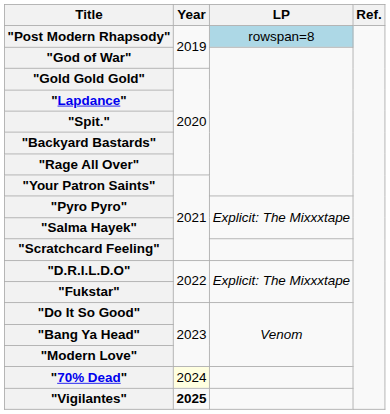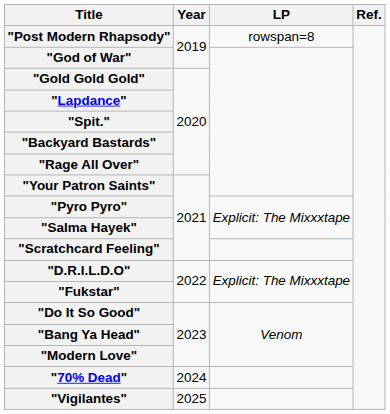 <table class="wikitable plainrowheaders" style="text-align:center;">
 <tr>
 <th scope="col">Title</th>
 <th scope="col">Year</th>
 <th scope="col">LP</th>
 <th scope="col">Ref.</th>
 </tr>
 <tr>
 <th scope="row">"Post Modern Rhapsody"</th>
 <td rowspan=2>2019</td>
-<td style="background: lightblue;">rowspan=8 </td>
+<td>rowspan=8 </td>
 <td rowspan=18></td>
 </tr>
 <tr>
 <th scope="row">"God of War"</th>
 </tr>
 <tr>
 <th scope="row">"Gold Gold Gold"</th>
 <td rowspan=5>2020</td>
 </tr>
 <tr>
 <th scope="row">"<a href='#'>Lapdance</a>"</th>
 </tr>
 <tr>
 <th scope="row">"Spit."</th>
 </tr>
 <tr>
 <th scope="row">"Backyard Bastards"</th>
 </tr>
 <tr>
 <th scope="row">"Rage All Over"</th>
 </tr>
 <tr>
 <th scope="row">"Your Patron Saints"</th>
 <td rowspan=4>2021</td>
 </tr>
 <tr>
 <th scope="row">"Pyro Pyro"</th>
 <td rowspan=2><em>Explicit: The Mixxxtape</em></td>
 </tr>
 <tr>
 <th scope="row">"Salma Hayek"</th>
 </tr>
 <tr>
 <th scope="row">"Scratchcard Feeling"</th>
 <td></td>
 </tr>
 <tr>
 <th scope="row">"D.R.I.L.D.O"</th>
 <td rowspan="2">2022</td>
 <td rowspan=2><em>Explicit: The Mixxxtape</em></td>
 </tr>
 <tr>
 <th scope="row">"Fukstar"</th>
 </tr>
 <tr>
 <th scope="row">"Do It So Good"</th>
 <td rowspan=3>2023</td>
 <td rowspan=3><em>Venom</em></td>
 </tr>
 <tr>
 <th scope="row">"Bang Ya Head" <br></th>
 </tr>
 <tr>
 <th scope="row">"Modern Love"</th>
 </tr>
 <tr>
 <th scope="row">"<a href='#'>70% Dead</a>" <br></th>
-<td style="background: lightyellow;">2024</td>
+<td>2024</td>
 <td></td>
 </tr>
 <tr>
 <th scope="row">"Vigilantes"</th>
-<td><strong>2025</strong></td>
+<td>2025</td>
 <td></td>
 </tr>
 </table>
